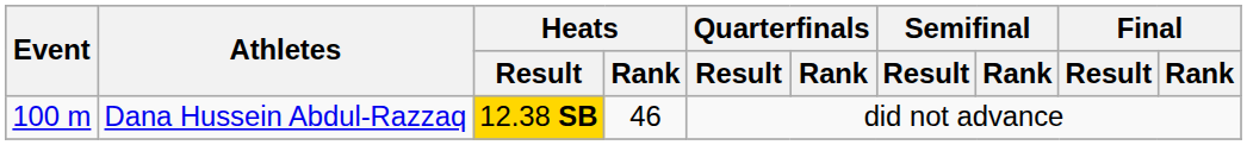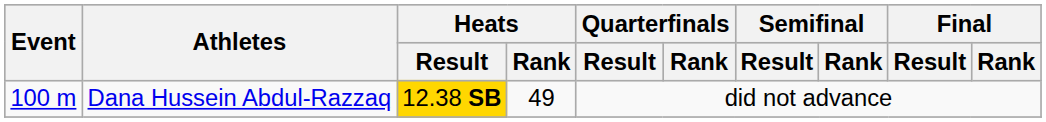 <table class="wikitable" border="1" style="font-size:90%">
 <tr>
 <th rowspan="2">Event</th>
 <th rowspan="2">Athletes</th>
 <th colspan="2">Heats</th>
 <th colspan="2">Quarterfinals</th>
 <th colspan="2">Semifinal</th>
 <th colspan="2">Final</th>
 </tr>
 <tr>
 <th>Result</th>
 <th>Rank</th>
 <th>Result</th>
 <th>Rank</th>
 <th>Result</th>
 <th>Rank</th>
 <th>Result</th>
 <th>Rank</th>
 </tr>
 <tr>
 <td><a href='#'>100 m</a></td>
 <td><a href='#'>Dana Hussein Abdul-Razzaq</a></td>
 <td align=center style="background: gold;">12.38 <strong>SB</strong></td>
-<td align=center>46</td>
+<td align=center>49</td>
 <td align=center colspan=6>did not advance</td>
 </tr>
 </table>
